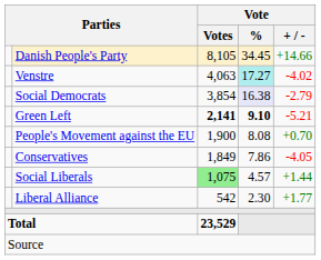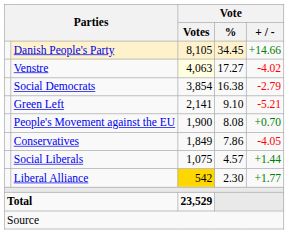 <table class="wikitable" style="text-align:right;">
 <tr>
 <th style="text-align:centre;" rowspan="2" colspan="2" width="225">Parties</th>
 <th colspan="3">Vote</th>
 </tr>
 <tr>
 <th width="15">Votes</th>
 <th width="15">%</th>
 <th width="15">+ / -</th>
 </tr>
 <tr>
 <td width="2" style="color:inherit;background:"></td>
 <td bgcolor=#fef2cc   align="left"><a href='#'>Danish People's Party</a></td>
 <td bgcolor=#fef2cc>8,105</td>
 <td bgcolor=#fef2cc>34.45</td>
 <td style=color:green;>+14.66</td>
 </tr>
 <tr>
 <td width="2" style="color:inherit;background:"></td>
 <td align="left"><a href='#'>Venstre</a></td>
-<td>4,063</td>
-<td style="background: paleturquoise;">17.27</td>
+<td style="background: lightyellow;">4,063</td>
+<td>17.27</td>
 <td style=color:red;>-4.02</td>
 </tr>
 <tr>
 <td width="2" style="color:inherit;background:"></td>
 <td align="left"><a href='#'>Social Democrats</a></td>
 <td>3,854</td>
-<td style="background: lavender;">16.38</td>
+<td>16.38</td>
 <td style=color:red;>-2.79</td>
 </tr>
 <tr>
 <td width="2" style="color:inherit;background:"></td>
 <td align="left"><a href='#'>Green Left</a></td>
-<td><strong>2,141</strong></td>
-<td><strong>9.10</strong></td>
+<td>2,141</td>
+<td>9.10</td>
 <td style=color:red;>-5.21</td>
 </tr>
 <tr>
 <td width="2" style="color:inherit;background:"></td>
 <td align="left"><a href='#'>People's Movement against the EU</a></td>
 <td>1,900</td>
 <td>8.08</td>
 <td style=color:green;>+0.70</td>
 </tr>
 <tr>
 <td width="2" style="color:inherit;background:"></td>
 <td align="left"><a href='#'>Conservatives</a></td>
 <td>1,849</td>
 <td>7.86</td>
 <td style=color:red;>-4.05</td>
 </tr>
 <tr>
 <td width="2" style="color:inherit;background:"></td>
 <td align="left"><a href='#'>Social Liberals</a></td>
-<td style="background: lightgreen;">1,075</td>
+<td>1,075</td>
 <td>4.57</td>
 <td style=color:green;>+1.44</td>
 </tr>
 <tr>
 <td width="2" style="color:inherit;background:"></td>
 <td align="left"><a href='#'>Liberal Alliance</a></td>
-<td>542</td>
+<td style="background: gold;">542</td>
 <td>2.30</td>
 <td style=color:green;>+1.77</td>
 </tr>
 <tr>
 <td colspan="7" bgcolor="#E9E9E9"></td>
 </tr>
 <tr>
 <td align="left" colspan="2"><strong>Total</strong></td>
 <td><strong>23,529</strong></td>
 <td bgcolor="#E9E9E9" colspan="2"></td>
 </tr>
 <tr>
 <td align="left" colspan="6">Source</td>
 </tr>
 </table>
